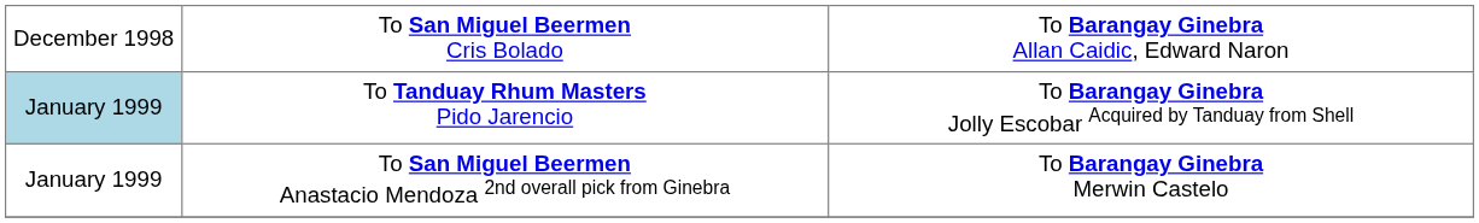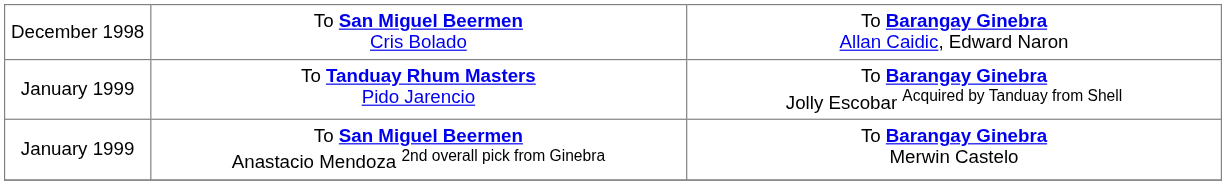 <table border="1" style="border-collapse:collapse; text-align: center" cellpadding="5">
 <tr>
 <td style="width:12%">December 1998</td>
 <td style="width:44%" valign="top">To <strong><a href='#'>San Miguel Beermen</a></strong><br><a href='#'>Cris Bolado</a></td>
 <td style="width:44%" valign="top">To <strong><a href='#'>Barangay Ginebra</a></strong><br><a href='#'>Allan Caidic</a>, Edward Naron</td>
 </tr>
 <tr>
-<td style="background: lightblue; width:12%">January 1999</td>
+<td style="width:12%">January 1999</td>
 <td style="width:44%" valign="top">To <strong><a href='#'>Tanduay Rhum Masters</a></strong><br><a href='#'>Pido Jarencio</a></td>
 <td style="width:44%" valign="top">To <strong><a href='#'>Barangay Ginebra</a></strong><br>Jolly Escobar <sup>Acquired by Tanduay from Shell</sup></td>
 </tr>
 <tr>
 <td style="width:12%">January 1999</td>
 <td style="width:44%" valign="top">To <strong><a href='#'>San Miguel Beermen</a></strong><br>Anastacio Mendoza <sup>2nd overall pick from Ginebra</sup></td>
 <td style="width:44%" valign="top">To <strong><a href='#'>Barangay Ginebra</a></strong><br>Merwin Castelo</td>
 </tr>
 <tr>
 </tr>
 </table>
